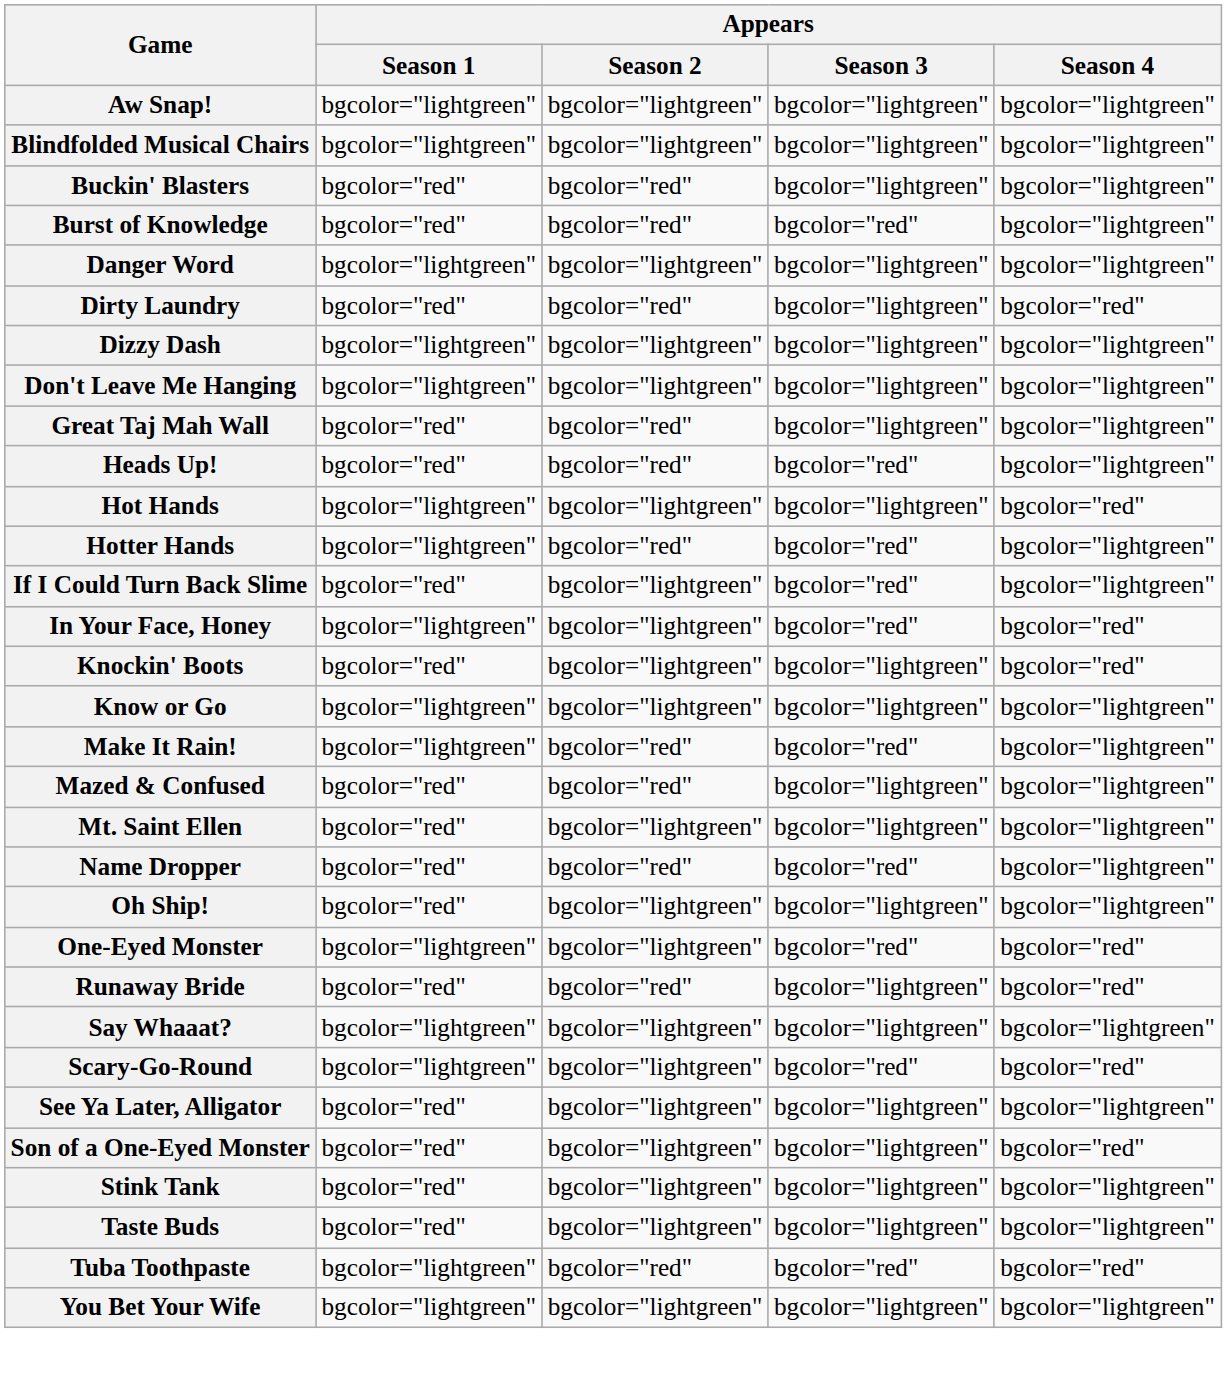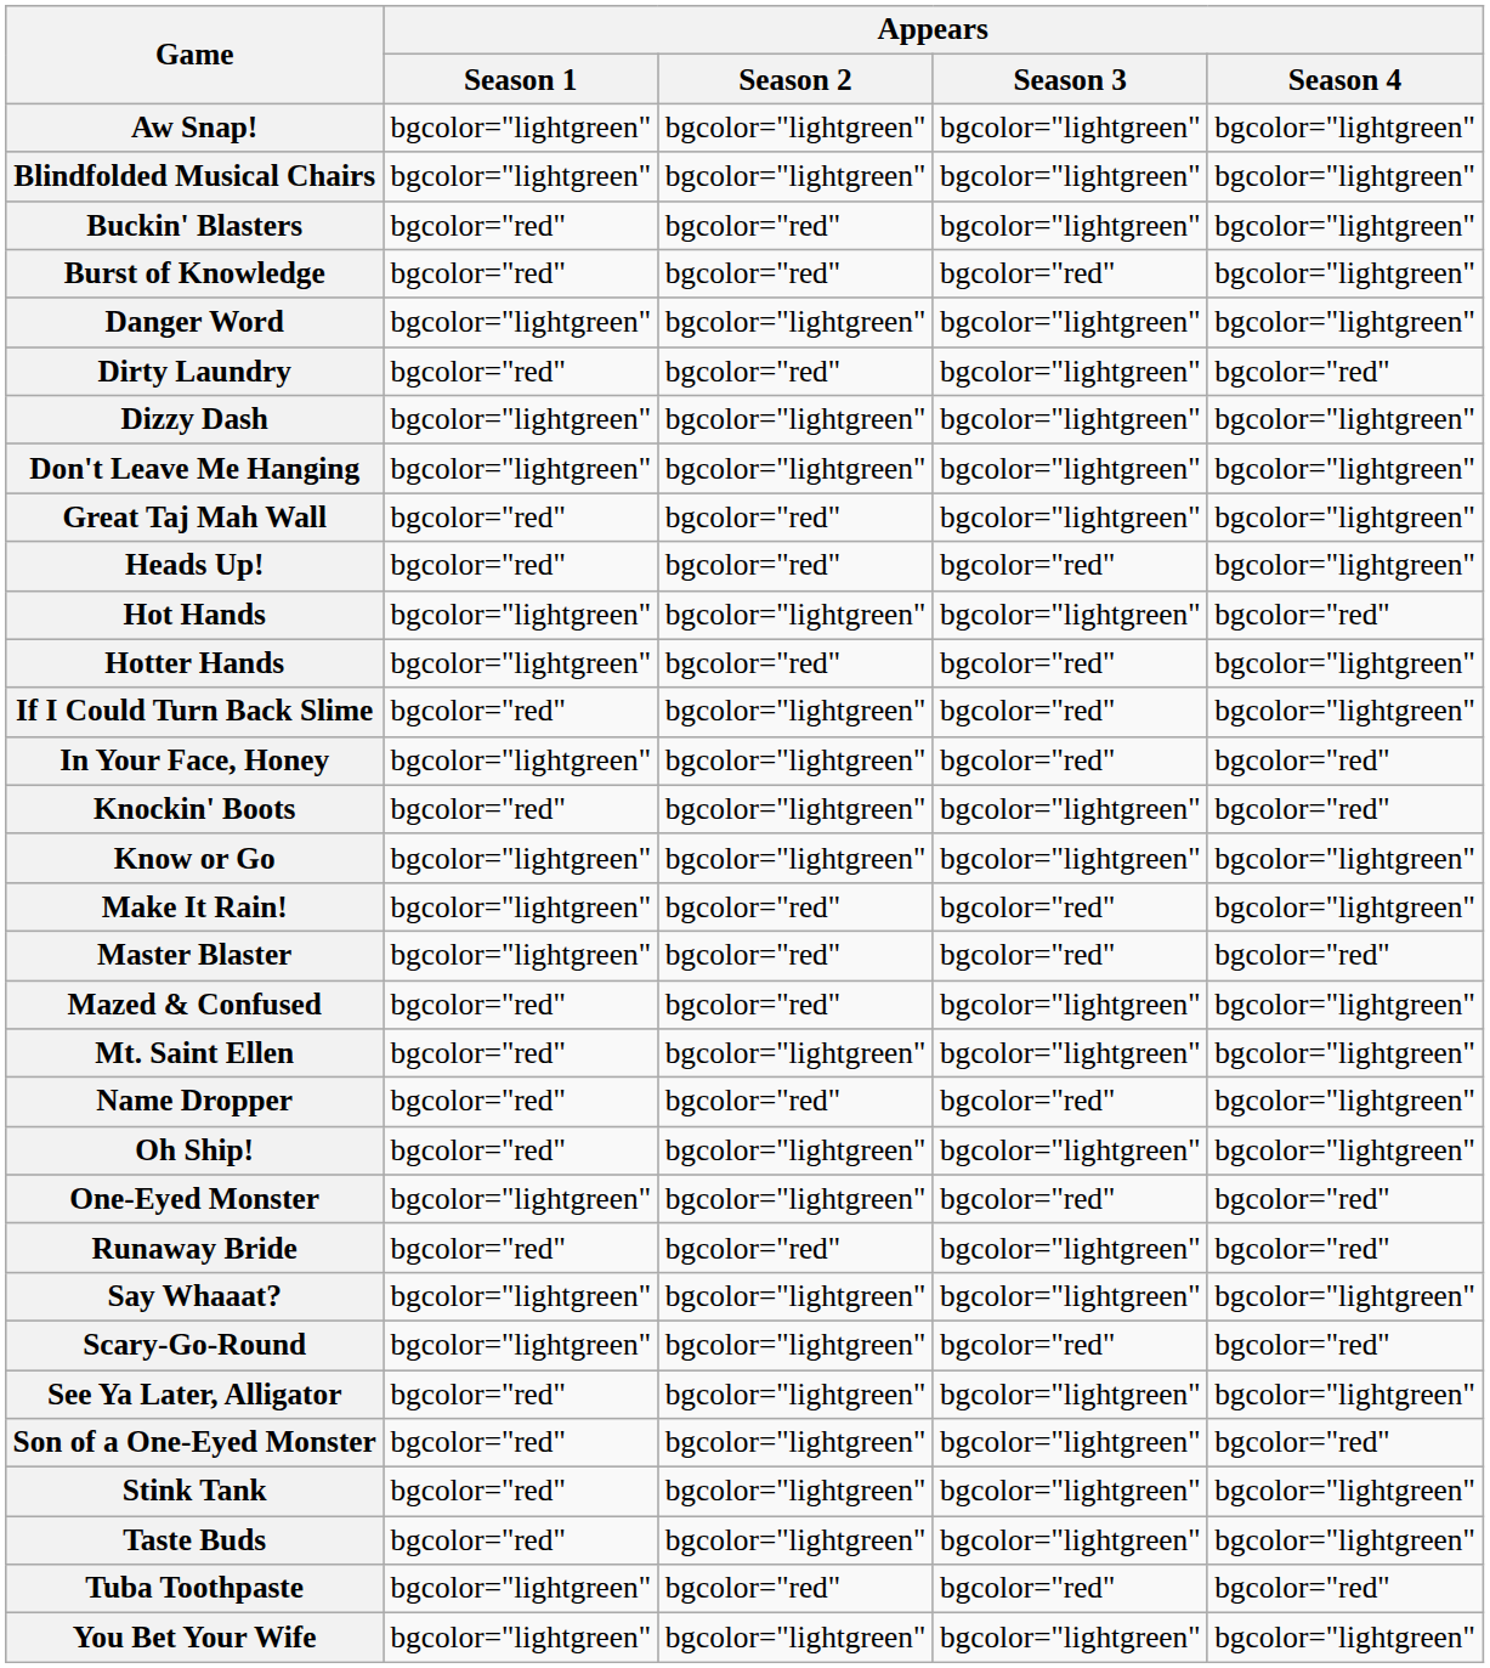 <table Class="wikitable">
 <tr>
 <th Rowspan="2">Game</th>
 <th colspan="4">Appears</th>
 </tr>
 <tr>
 <th>Season 1</th>
 <th>Season 2</th>
 <th>Season 3</th>
 <th>Season 4</th>
 </tr>
 <tr>
 <th>Aw Snap!</th>
 <td>bgcolor="lightgreen" </td>
 <td>bgcolor="lightgreen" </td>
 <td>bgcolor="lightgreen" </td>
 <td>bgcolor="lightgreen" </td>
 </tr>
 <tr>
 <th>Blindfolded Musical Chairs</th>
 <td>bgcolor="lightgreen" </td>
 <td>bgcolor="lightgreen" </td>
 <td>bgcolor="lightgreen" </td>
 <td>bgcolor="lightgreen" </td>
 </tr>
 <tr>
 <th>Buckin' Blasters</th>
 <td>bgcolor="red" </td>
 <td>bgcolor="red" </td>
 <td>bgcolor="lightgreen" </td>
 <td>bgcolor="lightgreen" </td>
 </tr>
 <tr>
 <th>Burst of Knowledge</th>
 <td>bgcolor="red" </td>
 <td>bgcolor="red" </td>
 <td>bgcolor="red" </td>
 <td>bgcolor="lightgreen" </td>
 </tr>
 <tr>
 <th>Danger Word</th>
 <td>bgcolor="lightgreen" </td>
 <td>bgcolor="lightgreen" </td>
 <td>bgcolor="lightgreen" </td>
 <td>bgcolor="lightgreen" </td>
 </tr>
 <tr>
 <th>Dirty Laundry</th>
 <td>bgcolor="red" </td>
 <td>bgcolor="red" </td>
 <td>bgcolor="lightgreen" </td>
 <td>bgcolor="red" </td>
 </tr>
 <tr>
 <th>Dizzy Dash</th>
 <td>bgcolor="lightgreen" </td>
 <td>bgcolor="lightgreen" </td>
 <td>bgcolor="lightgreen" </td>
 <td>bgcolor="lightgreen" </td>
 </tr>
 <tr>
 <th>Don't Leave Me Hanging</th>
 <td>bgcolor="lightgreen" </td>
 <td>bgcolor="lightgreen" </td>
 <td>bgcolor="lightgreen" </td>
 <td>bgcolor="lightgreen" </td>
 </tr>
 <tr>
 <th>Great Taj Mah Wall</th>
 <td>bgcolor="red" </td>
 <td>bgcolor="red" </td>
 <td>bgcolor="lightgreen" </td>
 <td>bgcolor="lightgreen" </td>
 </tr>
 <tr>
 <th>Heads Up!</th>
 <td>bgcolor="red" </td>
 <td>bgcolor="red" </td>
 <td>bgcolor="red" </td>
 <td>bgcolor="lightgreen" </td>
 </tr>
 <tr>
 <th>Hot Hands</th>
 <td>bgcolor="lightgreen" </td>
 <td>bgcolor="lightgreen" </td>
 <td>bgcolor="lightgreen" </td>
 <td>bgcolor="red" </td>
 </tr>
 <tr>
 <th>Hotter Hands</th>
 <td>bgcolor="lightgreen" </td>
 <td>bgcolor="red" </td>
 <td>bgcolor="red" </td>
 <td>bgcolor="lightgreen" </td>
 </tr>
 <tr>
 <th>If I Could Turn Back Slime</th>
 <td>bgcolor="red" </td>
 <td>bgcolor="lightgreen" </td>
 <td>bgcolor="red" </td>
 <td>bgcolor="lightgreen" </td>
 </tr>
 <tr>
 <th>In Your Face, Honey</th>
 <td>bgcolor="lightgreen" </td>
 <td>bgcolor="lightgreen" </td>
 <td>bgcolor="red" </td>
 <td>bgcolor="red" </td>
 </tr>
 <tr>
 <th>Knockin' Boots</th>
 <td>bgcolor="red" </td>
 <td>bgcolor="lightgreen" </td>
 <td>bgcolor="lightgreen" </td>
 <td>bgcolor="red" </td>
 </tr>
 <tr>
 <th>Know or Go</th>
 <td>bgcolor="lightgreen" </td>
 <td>bgcolor="lightgreen" </td>
 <td>bgcolor="lightgreen" </td>
 <td>bgcolor="lightgreen" </td>
 </tr>
 <tr>
 <th>Make It Rain!</th>
 <td>bgcolor="lightgreen" </td>
 <td>bgcolor="red" </td>
 <td>bgcolor="red" </td>
 <td>bgcolor="lightgreen" </td>
 </tr>
 <tr>
+<th>Master Blaster</th>
+<td>bgcolor="lightgreen" </td>
+<td>bgcolor="red" </td>
+<td>bgcolor="red" </td>
+<td>bgcolor="red" </td>
+</tr>
+<tr>
 <th>Mazed & Confused</th>
 <td>bgcolor="red" </td>
 <td>bgcolor="red" </td>
 <td>bgcolor="lightgreen" </td>
 <td>bgcolor="lightgreen" </td>
 </tr>
 <tr>
 <th>Mt. Saint Ellen</th>
 <td>bgcolor="red" </td>
 <td>bgcolor="lightgreen" </td>
 <td>bgcolor="lightgreen" </td>
 <td>bgcolor="lightgreen" </td>
 </tr>
 <tr>
 <th>Name Dropper</th>
 <td>bgcolor="red" </td>
 <td>bgcolor="red" </td>
 <td>bgcolor="red" </td>
 <td>bgcolor="lightgreen" </td>
 </tr>
 <tr>
 <th>Oh Ship!</th>
 <td>bgcolor="red" </td>
 <td>bgcolor="lightgreen" </td>
 <td>bgcolor="lightgreen" </td>
 <td>bgcolor="lightgreen" </td>
 </tr>
 <tr>
 <th>One-Eyed Monster</th>
 <td>bgcolor="lightgreen" </td>
 <td>bgcolor="lightgreen" </td>
 <td>bgcolor="red" </td>
 <td>bgcolor="red" </td>
 </tr>
 <tr>
 <th>Runaway Bride</th>
 <td>bgcolor="red" </td>
 <td>bgcolor="red" </td>
 <td>bgcolor="lightgreen" </td>
 <td>bgcolor="red" </td>
 </tr>
 <tr>
 <th>Say Whaaat?</th>
 <td>bgcolor="lightgreen" </td>
 <td>bgcolor="lightgreen" </td>
 <td>bgcolor="lightgreen" </td>
 <td>bgcolor="lightgreen" </td>
 </tr>
 <tr>
 <th>Scary-Go-Round</th>
 <td>bgcolor="lightgreen" </td>
 <td>bgcolor="lightgreen" </td>
 <td>bgcolor="red" </td>
 <td>bgcolor="red" </td>
 </tr>
 <tr>
 <th>See Ya Later, Alligator</th>
 <td>bgcolor="red" </td>
 <td>bgcolor="lightgreen" </td>
 <td>bgcolor="lightgreen" </td>
 <td>bgcolor="lightgreen" </td>
 </tr>
 <tr>
 <th>Son of a One-Eyed Monster</th>
 <td>bgcolor="red" </td>
 <td>bgcolor="lightgreen" </td>
 <td>bgcolor="lightgreen" </td>
 <td>bgcolor="red" </td>
 </tr>
 <tr>
 <th>Stink Tank</th>
 <td>bgcolor="red" </td>
 <td>bgcolor="lightgreen" </td>
 <td>bgcolor="lightgreen" </td>
 <td>bgcolor="lightgreen" </td>
 </tr>
 <tr>
 <th>Taste Buds</th>
 <td>bgcolor="red" </td>
 <td>bgcolor="lightgreen" </td>
 <td>bgcolor="lightgreen" </td>
 <td>bgcolor="lightgreen" </td>
 </tr>
 <tr>
 <th>Tuba Toothpaste</th>
 <td>bgcolor="lightgreen" </td>
 <td>bgcolor="red" </td>
 <td>bgcolor="red" </td>
 <td>bgcolor="red" </td>
 </tr>
 <tr>
 <th>You Bet Your Wife</th>
 <td>bgcolor="lightgreen" </td>
 <td>bgcolor="lightgreen" </td>
 <td>bgcolor="lightgreen" </td>
 <td>bgcolor="lightgreen" </td>
 </tr>
 </table>
